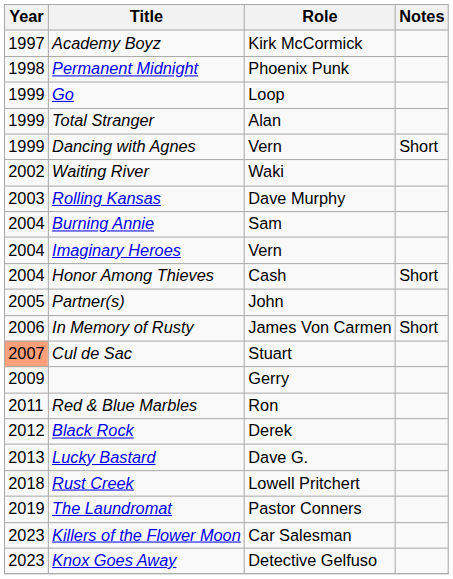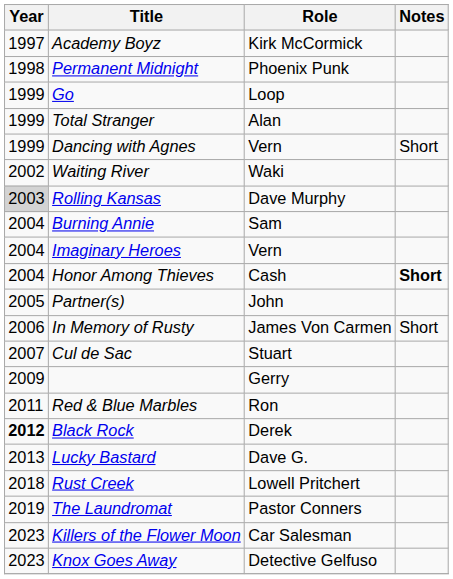 <table class="wikitable sortable">
 <tr>
 <th>Year</th>
 <th>Title</th>
 <th>Role</th>
 <th class="unsortable">Notes</th>
 </tr>
 <tr>
 <td>1997</td>
 <td><em>Academy Boyz</em></td>
 <td>Kirk McCormick</td>
 <td></td>
 </tr>
 <tr>
 <td>1998</td>
 <td><em><a href='#'>Permanent Midnight</a></em></td>
 <td>Phoenix Punk</td>
 <td></td>
 </tr>
 <tr>
 <td>1999</td>
 <td><em><a href='#'>Go</a></em></td>
 <td>Loop</td>
 <td></td>
 </tr>
 <tr>
 <td>1999</td>
 <td><em>Total Stranger</em></td>
 <td>Alan</td>
 <td></td>
 </tr>
 <tr>
 <td>1999</td>
 <td><em>Dancing with Agnes</em></td>
 <td>Vern</td>
 <td>Short</td>
 </tr>
 <tr>
 <td>2002</td>
 <td><em>Waiting River</em></td>
 <td>Waki</td>
 <td></td>
 </tr>
 <tr>
-<td>2003</td>
+<td style="background: lightgrey;">2003</td>
 <td><em><a href='#'>Rolling Kansas</a></em></td>
 <td>Dave Murphy</td>
 <td></td>
 </tr>
 <tr>
 <td>2004</td>
 <td><em><a href='#'>Burning Annie</a></em></td>
 <td>Sam</td>
 <td></td>
 </tr>
 <tr>
 <td>2004</td>
 <td><em><a href='#'>Imaginary Heroes</a></em></td>
 <td>Vern</td>
 <td></td>
 </tr>
 <tr>
 <td>2004</td>
 <td><em>Honor Among Thieves</em></td>
 <td>Cash</td>
-<td>Short</td>
+<td><strong>Short</strong></td>
 </tr>
 <tr>
 <td>2005</td>
 <td><em>Partner(s)</em></td>
 <td>John</td>
 <td></td>
 </tr>
 <tr>
 <td>2006</td>
 <td><em>In Memory of Rusty</em></td>
 <td>James Von Carmen</td>
 <td>Short</td>
 </tr>
 <tr>
-<td style="background: lightsalmon;">2007</td>
+<td>2007</td>
 <td><em>Cul de Sac</em></td>
 <td>Stuart</td>
 <td></td>
 </tr>
 <tr>
 <td>2009</td>
 <td><em></em></td>
 <td>Gerry</td>
 <td></td>
 </tr>
 <tr>
 <td>2011</td>
 <td><em>Red & Blue Marbles</em></td>
 <td>Ron</td>
 <td></td>
 </tr>
 <tr>
-<td>2012</td>
+<td><strong>2012</strong></td>
 <td><em><a href='#'>Black Rock</a></em></td>
 <td>Derek</td>
 <td></td>
 </tr>
 <tr>
 <td>2013</td>
 <td><em><a href='#'>Lucky Bastard</a></em></td>
 <td>Dave G.</td>
 <td></td>
 </tr>
 <tr>
 <td>2018</td>
 <td><em><a href='#'>Rust Creek</a></em></td>
 <td>Lowell Pritchert</td>
 <td></td>
 </tr>
 <tr>
 <td>2019</td>
 <td><em><a href='#'>The Laundromat</a></em></td>
 <td>Pastor Conners</td>
 <td></td>
 </tr>
 <tr>
 <td>2023</td>
 <td><em><a href='#'>Killers of the Flower Moon</a></em></td>
 <td>Car Salesman</td>
 <td></td>
 </tr>
 <tr>
 <td>2023</td>
 <td><em><a href='#'>Knox Goes Away</a></em></td>
 <td>Detective Gelfuso</td>
 <td></td>
 </tr>
 <tr>
 </tr>
 </table>
